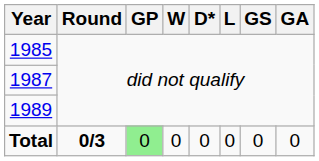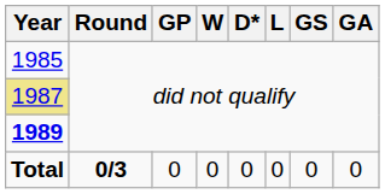 <table class="wikitable" style="text-align: center;">
 <tr>
 <th>Year</th>
 <th>Round</th>
 <th>GP</th>
 <th>W</th>
 <th>D*</th>
 <th>L</th>
 <th>GS</th>
 <th>GA</th>
 </tr>
 <tr>
 <td> <a href='#'>1985</a></td>
 <td colspan=7 rowspan="3"><em>did not qualify</em></td>
 </tr>
 <tr>
-<td> <a href='#'>1987</a></td>
+<td style="background: khaki;"> <a href='#'>1987</a></td>
 </tr>
 <tr>
-<td> <a href='#'>1989</a></td>
+<td><strong> <a href='#'>1989</a></strong></td>
 </tr>
 <tr>
 <td><strong>Total</strong></td>
 <td><strong>0/3</strong></td>
-<td style="background: lightgreen;">0</td>
+<td>0</td>
 <td>0</td>
 <td>0</td>
 <td>0</td>
 <td>0</td>
 <td>0</td>
 </tr>
 </table>
